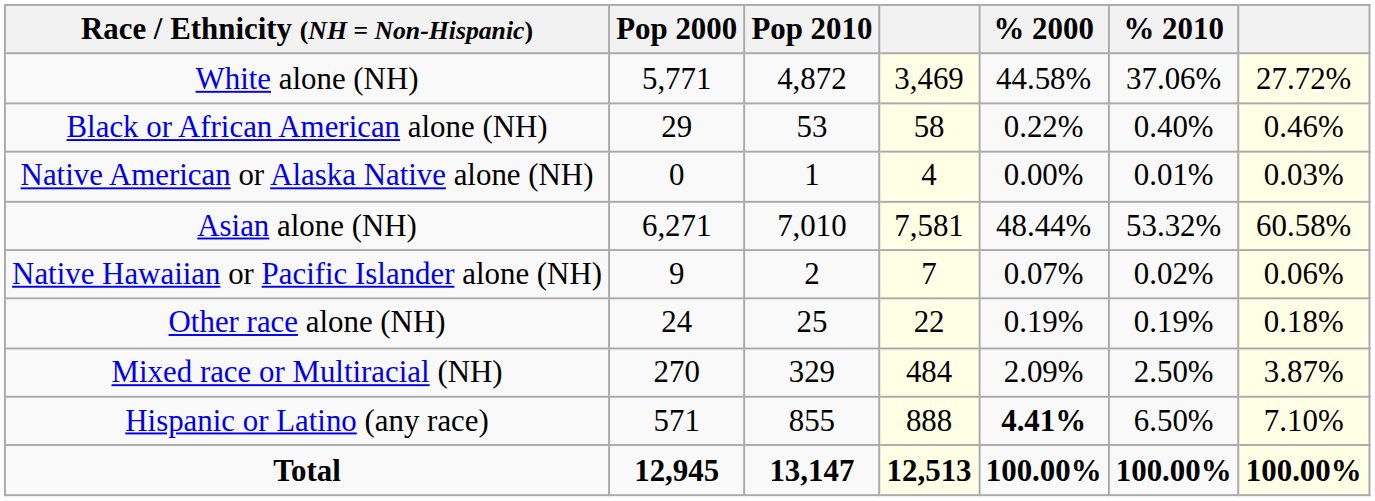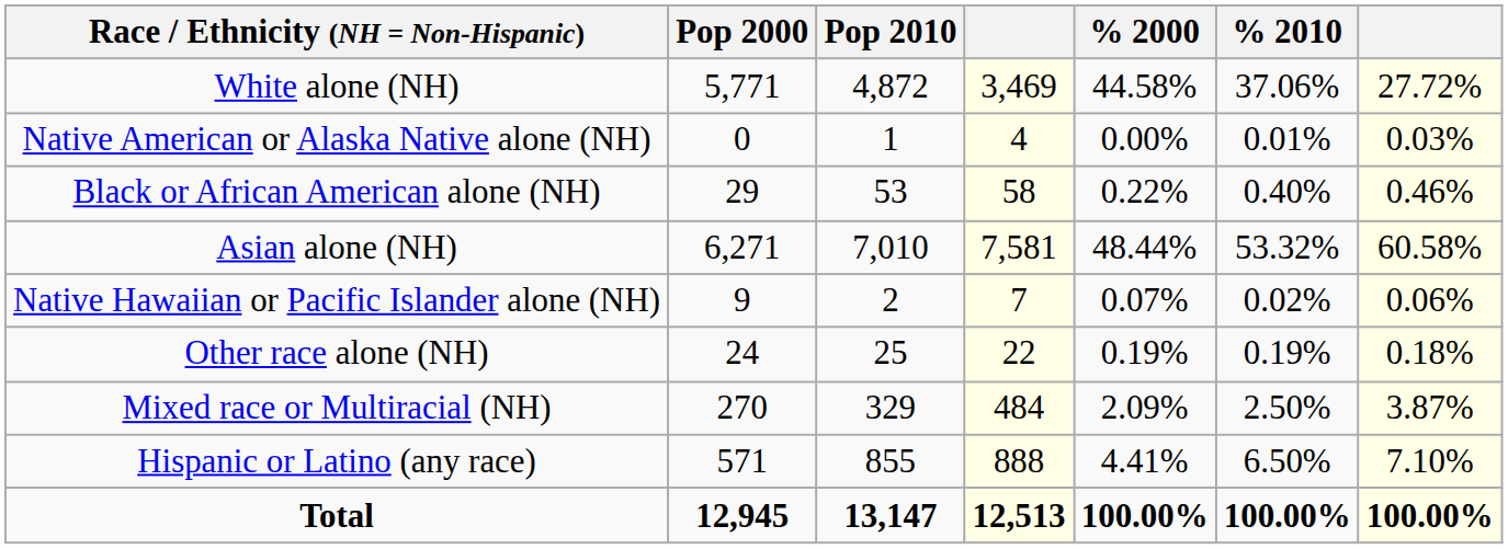 <table class="wikitable" style="text-align:center;">
 <tr>
 <th>Race / Ethnicity <small>(<em>NH = Non-Hispanic</em>)</small></th>
 <th>Pop 2000</th>
 <th>Pop 2010</th>
 <th></th>
 <th>% 2000</th>
 <th>% 2010</th>
 <th></th>
 </tr>
 <tr>
 <td><a href='#'>White</a> alone (NH)</td>
 <td>5,771</td>
 <td>4,872</td>
 <td style='background: #ffffe6;'>3,469</td>
 <td>44.58%</td>
 <td>37.06%</td>
 <td style='background: #ffffe6;'>27.72%</td>
 </tr>
 <tr>
+<td><a href='#'>Native American</a> or <a href='#'>Alaska Native</a> alone (NH)</td>
+<td>0</td>
+<td>1</td>
+<td style='background: #ffffe6;'>4</td>
+<td>0.00%</td>
+<td>0.01%</td>
+<td style='background: #ffffe6;'>0.03%</td>
+</tr>
+<tr>
 <td><a href='#'>Black or African American</a> alone (NH)</td>
 <td>29</td>
 <td>53</td>
 <td style='background: #ffffe6;'>58</td>
 <td>0.22%</td>
 <td>0.40%</td>
 <td style='background: #ffffe6;'>0.46%</td>
-</tr>
-<tr>
-<td><a href='#'>Native American</a> or <a href='#'>Alaska Native</a> alone (NH)</td>
-<td>0</td>
-<td>1</td>
-<td style='background: #ffffe6;'>4</td>
-<td>0.00%</td>
-<td>0.01%</td>
-<td style='background: #ffffe6;'>0.03%</td>
 </tr>
 <tr>
 <td><a href='#'>Asian</a> alone (NH)</td>
 <td>6,271</td>
 <td>7,010</td>
 <td style='background: #ffffe6;'>7,581</td>
 <td>48.44%</td>
 <td>53.32%</td>
 <td style='background: #ffffe6;'>60.58%</td>
 </tr>
 <tr>
 <td><a href='#'>Native Hawaiian</a> or <a href='#'>Pacific Islander</a> alone (NH)</td>
 <td>9</td>
 <td>2</td>
 <td style='background: #ffffe6;'>7</td>
 <td>0.07%</td>
 <td>0.02%</td>
 <td style='background: #ffffe6;'>0.06%</td>
 </tr>
 <tr>
 <td><a href='#'>Other race</a> alone (NH)</td>
 <td>24</td>
 <td>25</td>
 <td style='background: #ffffe6;'>22</td>
 <td>0.19%</td>
 <td>0.19%</td>
 <td style='background: #ffffe6;'>0.18%</td>
 </tr>
 <tr>
 <td><a href='#'>Mixed race or Multiracial</a> (NH)</td>
 <td>270</td>
 <td>329</td>
 <td style='background: #ffffe6;'>484</td>
 <td>2.09%</td>
 <td>2.50%</td>
 <td style='background: #ffffe6;'>3.87%</td>
 </tr>
 <tr>
 <td><a href='#'>Hispanic or Latino</a> (any race)</td>
 <td>571</td>
 <td>855</td>
 <td style='background: #ffffe6;'>888</td>
-<td><strong>4.41%</strong></td>
+<td>4.41%</td>
 <td>6.50%</td>
 <td style='background: #ffffe6;'>7.10%</td>
 </tr>
 <tr>
 <td><strong>Total</strong></td>
 <td><strong>12,945</strong></td>
 <td><strong>13,147</strong></td>
 <td style='background: #ffffe6;'><strong>12,513</strong></td>
 <td><strong>100.00%</strong></td>
 <td><strong>100.00%</strong></td>
 <td style='background: #ffffe6;'><strong>100.00%</strong></td>
 </tr>
 </table>
